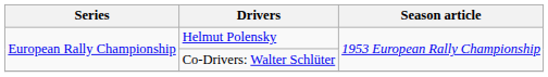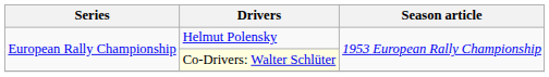 <table class="wikitable" style="font-size: 87%;">
 <tr>
 <th>Series</th>
 <th>Drivers</th>
 <th>Season article</th>
 </tr>
 <tr>
 <td rowspan=2><a href='#'>European Rally Championship</a></td>
 <td> <a href='#'>Helmut Polensky</a></td>
 <td rowspan=2><em><a href='#'>1953 European Rally Championship</a></em></td>
 </tr>
 <tr>
-<td>Co-Drivers:  <a href='#'>Walter Schlüter</a></td>
+<td style="background: lightyellow;">Co-Drivers:  <a href='#'>Walter Schlüter</a></td>
 </tr>
 <tr>
 </tr>
 </table>
